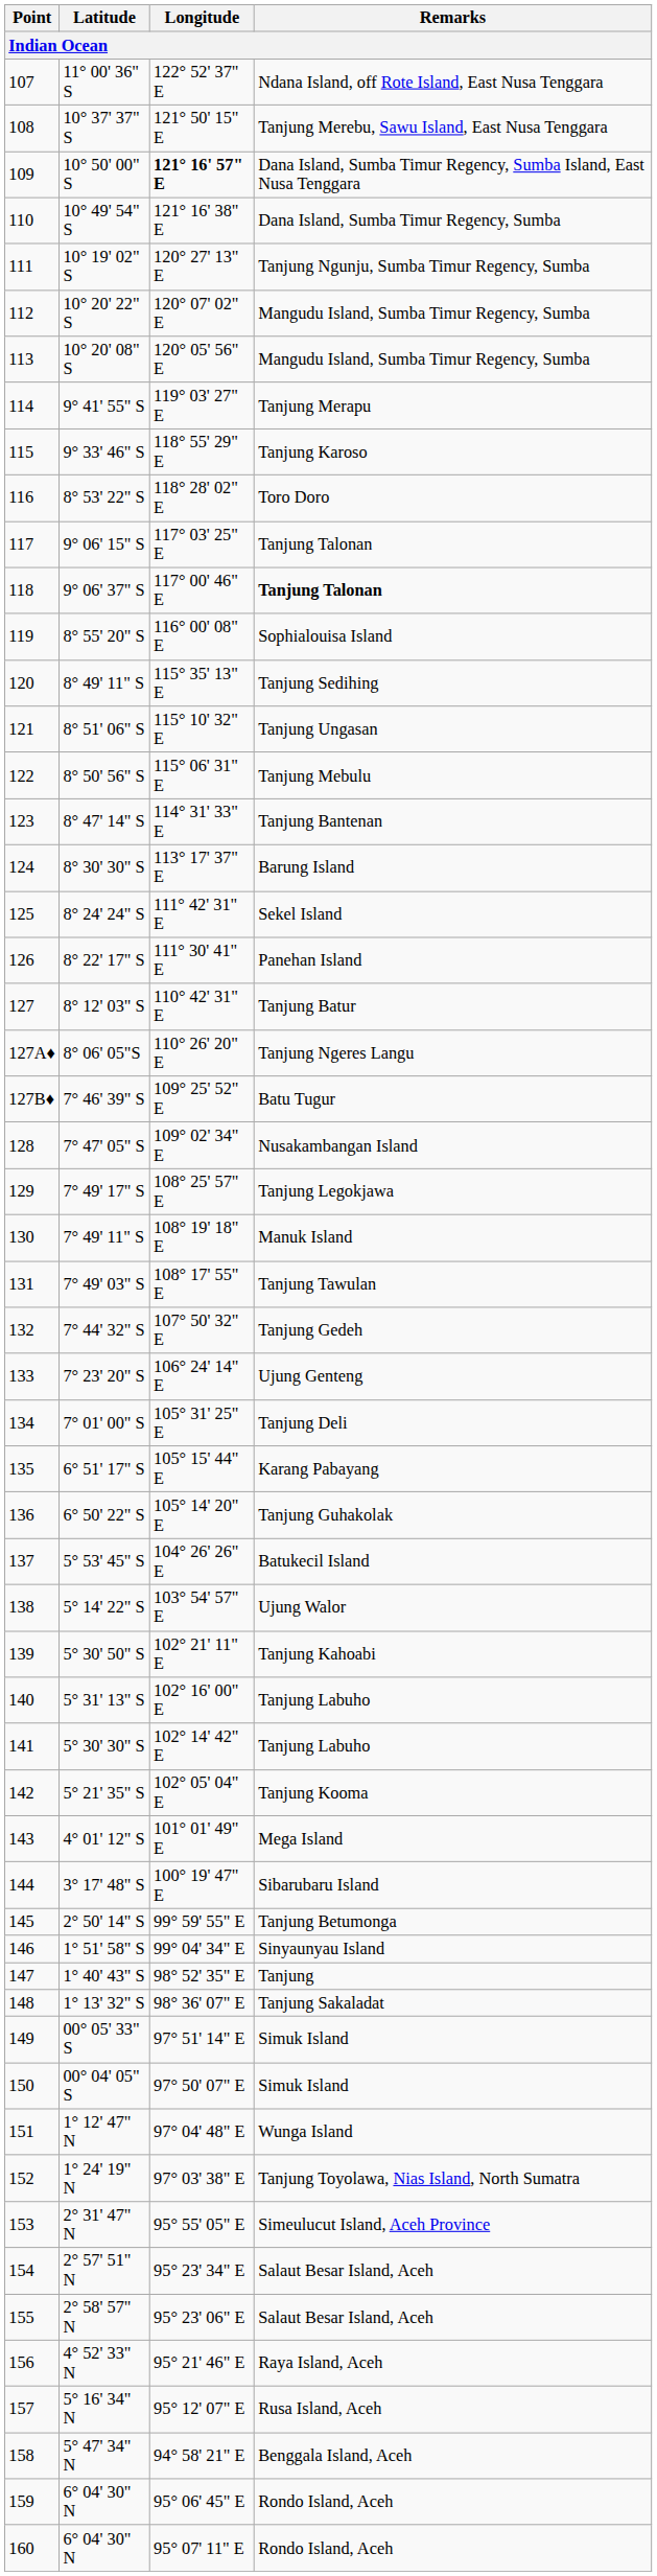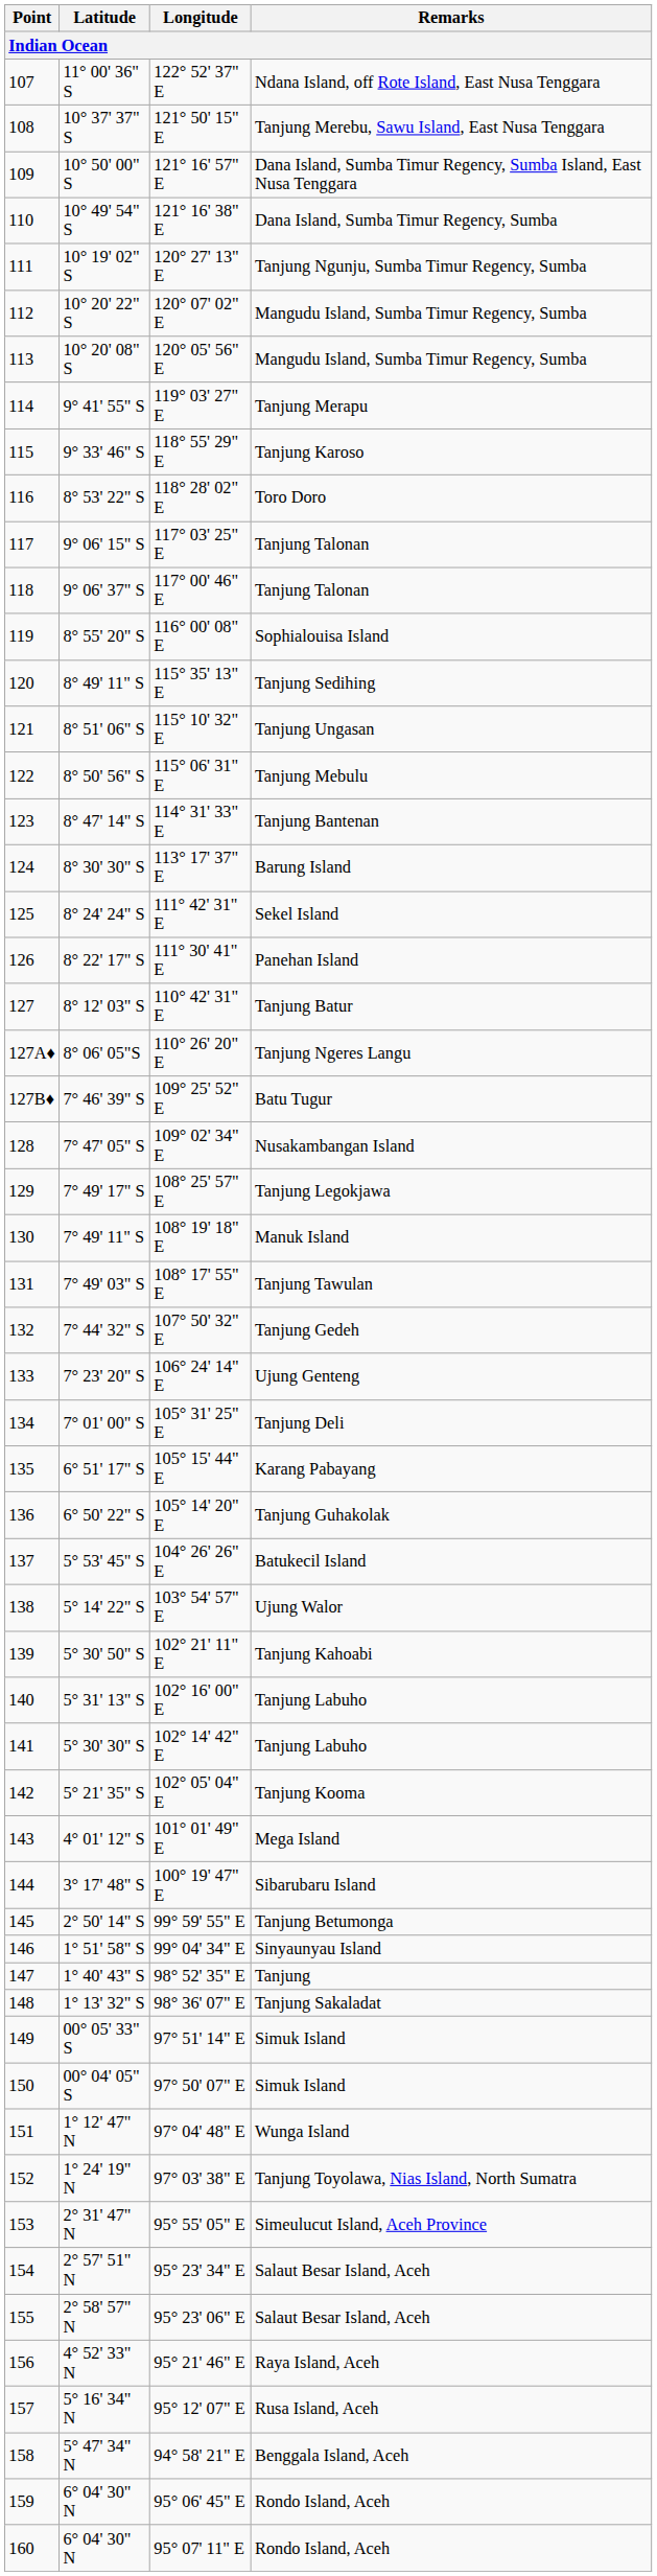 <table class="wikitable">
 <tr>
 <th>Point</th>
 <th>Latitude</th>
 <th>Longitude</th>
 <th>Remarks</th>
 </tr>
 <tr>
 <th colspan="5" style="text-align:left"><a href='#'>Indian Ocean</a></th>
 </tr>
 <tr>
 <td>107</td>
 <td>11° 00' 36" S</td>
 <td>122° 52' 37" E</td>
 <td>Ndana Island, off <a href='#'>Rote Island</a>, East Nusa Tenggara</td>
 </tr>
 <tr>
 <td>108</td>
 <td>10° 37' 37" S</td>
 <td>121° 50' 15" E</td>
 <td>Tanjung Merebu, <a href='#'>Sawu Island</a>, East Nusa Tenggara</td>
 </tr>
 <tr>
 <td>109</td>
 <td>10° 50' 00" S</td>
-<td><strong>121° 16' 57" E</strong></td>
+<td>121° 16' 57" E</td>
 <td>Dana Island, Sumba Timur Regency, <a href='#'>Sumba</a> Island, East Nusa Tenggara</td>
 </tr>
 <tr>
 <td>110</td>
 <td>10° 49' 54" S</td>
 <td>121° 16' 38" E</td>
 <td>Dana Island, Sumba Timur Regency, Sumba</td>
 </tr>
 <tr>
 <td>111</td>
 <td>10° 19' 02" S</td>
 <td>120° 27' 13" E</td>
 <td>Tanjung Ngunju, Sumba Timur Regency, Sumba</td>
 </tr>
 <tr>
 <td>112</td>
 <td>10° 20' 22" S</td>
 <td>120° 07' 02" E</td>
 <td>Mangudu Island, Sumba Timur Regency, Sumba</td>
 </tr>
 <tr>
 <td>113</td>
 <td>10° 20' 08" S</td>
 <td>120° 05' 56" E</td>
 <td>Mangudu Island, Sumba Timur Regency, Sumba</td>
 </tr>
 <tr>
 <td>114</td>
 <td>9° 41' 55" S</td>
 <td>119° 03' 27" E</td>
 <td>Tanjung Merapu</td>
 </tr>
 <tr>
 <td>115</td>
 <td>9° 33' 46" S</td>
 <td>118° 55' 29" E</td>
 <td>Tanjung Karoso</td>
 </tr>
 <tr>
 <td>116</td>
 <td>8° 53' 22" S</td>
 <td>118° 28' 02" E</td>
 <td>Toro Doro</td>
 </tr>
 <tr>
 <td>117</td>
 <td>9° 06' 15" S</td>
 <td>117° 03' 25" E</td>
 <td>Tanjung Talonan</td>
 </tr>
 <tr>
 <td>118</td>
 <td>9° 06' 37" S</td>
 <td>117° 00' 46" E</td>
-<td><strong>Tanjung Talonan</strong></td>
+<td>Tanjung Talonan</td>
 </tr>
 <tr>
 <td>119</td>
 <td>8° 55' 20" S</td>
 <td>116° 00' 08" E</td>
 <td>Sophialouisa Island</td>
 </tr>
 <tr>
 <td>120</td>
 <td>8° 49' 11" S</td>
 <td>115° 35' 13" E</td>
 <td>Tanjung Sedihing</td>
 </tr>
 <tr>
 <td>121</td>
 <td>8° 51' 06" S</td>
 <td>115° 10' 32" E</td>
 <td>Tanjung Ungasan</td>
 </tr>
 <tr>
 <td>122</td>
 <td>8° 50' 56" S</td>
 <td>115° 06' 31" E</td>
 <td>Tanjung Mebulu</td>
 </tr>
 <tr>
 <td>123</td>
 <td>8° 47' 14" S</td>
 <td>114° 31' 33" E</td>
 <td>Tanjung Bantenan</td>
 </tr>
 <tr>
 <td>124</td>
 <td>8° 30' 30" S</td>
 <td>113° 17' 37" E</td>
 <td>Barung Island</td>
 </tr>
 <tr>
 <td>125</td>
 <td>8° 24' 24" S</td>
 <td>111° 42' 31" E</td>
 <td>Sekel Island</td>
 </tr>
 <tr>
 <td>126</td>
 <td>8° 22' 17" S</td>
 <td>111° 30' 41" E</td>
 <td>Panehan Island</td>
 </tr>
 <tr>
 <td>127</td>
 <td>8° 12' 03" S</td>
 <td>110° 42' 31" E</td>
 <td>Tanjung Batur</td>
 </tr>
 <tr>
 <td>127A♦</td>
 <td>8° 06' 05"S</td>
 <td>110° 26' 20" E</td>
 <td>Tanjung Ngeres Langu</td>
 </tr>
 <tr>
 <td>127B♦</td>
 <td>7° 46' 39" S</td>
 <td>109° 25' 52" E</td>
 <td>Batu Tugur</td>
 </tr>
 <tr>
 <td>128</td>
 <td>7° 47' 05" S</td>
 <td>109° 02' 34" E</td>
 <td>Nusakambangan Island</td>
 </tr>
 <tr>
 <td>129</td>
 <td>7° 49' 17" S</td>
 <td>108° 25' 57" E</td>
 <td>Tanjung Legokjawa</td>
 </tr>
 <tr>
 <td>130</td>
 <td>7° 49' 11" S</td>
 <td>108° 19' 18" E</td>
 <td>Manuk Island</td>
 </tr>
 <tr>
 <td>131</td>
 <td>7° 49' 03" S</td>
 <td>108° 17' 55" E</td>
 <td>Tanjung Tawulan</td>
 </tr>
 <tr>
 <td>132</td>
 <td>7° 44' 32" S</td>
 <td>107° 50' 32" E</td>
 <td>Tanjung Gedeh</td>
 </tr>
 <tr>
 <td>133</td>
 <td>7° 23' 20" S</td>
 <td>106° 24' 14" E</td>
 <td>Ujung Genteng</td>
 </tr>
 <tr>
 <td>134</td>
 <td>7° 01' 00" S</td>
 <td>105° 31' 25" E</td>
 <td>Tanjung Deli</td>
 </tr>
 <tr>
 <td>135</td>
 <td>6° 51' 17" S</td>
 <td>105° 15' 44" E</td>
 <td>Karang Pabayang</td>
 </tr>
 <tr>
 <td>136</td>
 <td>6° 50' 22" S</td>
 <td>105° 14' 20" E</td>
 <td>Tanjung Guhakolak</td>
 </tr>
 <tr>
 <td>137</td>
 <td>5° 53' 45" S</td>
 <td>104° 26' 26" E</td>
 <td>Batukecil Island</td>
 </tr>
 <tr>
 <td>138</td>
 <td>5° 14' 22" S</td>
 <td>103° 54' 57" E</td>
 <td>Ujung Walor</td>
 </tr>
 <tr>
 <td>139</td>
 <td>5° 30' 50" S</td>
 <td>102° 21' 11" E</td>
 <td>Tanjung Kahoabi</td>
 </tr>
 <tr>
 <td>140</td>
 <td>5° 31' 13" S</td>
 <td>102° 16' 00" E</td>
 <td>Tanjung Labuho</td>
 </tr>
 <tr>
 <td>141</td>
 <td>5° 30' 30" S</td>
 <td>102° 14' 42" E</td>
 <td>Tanjung Labuho</td>
 </tr>
 <tr>
 <td>142</td>
 <td>5° 21' 35" S</td>
 <td>102° 05' 04" E</td>
 <td>Tanjung Kooma</td>
 </tr>
 <tr>
 <td>143</td>
 <td>4° 01' 12" S</td>
 <td>101° 01' 49" E</td>
 <td>Mega Island</td>
 </tr>
 <tr>
 <td>144</td>
 <td>3° 17' 48" S</td>
 <td>100° 19' 47" E</td>
 <td>Sibarubaru Island</td>
 </tr>
 <tr>
 <td>145</td>
 <td>2° 50' 14" S</td>
 <td>99° 59' 55" E</td>
 <td>Tanjung Betumonga</td>
 </tr>
 <tr>
 <td>146</td>
 <td>1° 51' 58" S</td>
 <td>99° 04' 34" E</td>
 <td>Sinyaunyau Island</td>
 </tr>
 <tr>
 <td>147</td>
 <td>1° 40' 43" S</td>
 <td>98° 52' 35" E</td>
 <td>Tanjung </td>
 </tr>
 <tr>
 <td>148</td>
 <td>1° 13' 32" S</td>
 <td>98° 36' 07" E</td>
 <td>Tanjung Sakaladat</td>
 </tr>
 <tr>
 <td>149</td>
 <td>00° 05' 33" S</td>
 <td>97° 51' 14" E</td>
 <td>Simuk Island</td>
 </tr>
 <tr>
 <td>150</td>
 <td>00° 04' 05" S</td>
 <td>97° 50' 07" E</td>
 <td>Simuk Island</td>
 </tr>
 <tr>
 <td>151</td>
 <td>1° 12' 47" N</td>
 <td>97° 04' 48" E</td>
 <td>Wunga Island</td>
 </tr>
 <tr>
 <td>152</td>
 <td>1° 24' 19" N</td>
 <td>97° 03' 38" E</td>
 <td>Tanjung Toyolawa, <a href='#'>Nias Island</a>, North Sumatra</td>
 </tr>
 <tr>
 <td>153</td>
 <td>2° 31' 47" N</td>
 <td>95° 55' 05" E</td>
 <td>Simeulucut Island, <a href='#'>Aceh Province</a></td>
 </tr>
 <tr>
 <td>154</td>
 <td>2° 57' 51" N</td>
 <td>95° 23' 34" E</td>
 <td>Salaut Besar Island, Aceh</td>
 </tr>
 <tr>
 <td>155</td>
 <td>2° 58' 57" N</td>
 <td>95° 23' 06" E</td>
 <td>Salaut Besar Island, Aceh</td>
 </tr>
 <tr>
 <td>156</td>
 <td>4° 52' 33" N</td>
 <td>95° 21' 46" E</td>
 <td>Raya Island, Aceh</td>
 </tr>
 <tr>
 <td>157</td>
 <td>5° 16' 34" N</td>
 <td>95° 12' 07" E</td>
 <td>Rusa Island, Aceh</td>
 </tr>
 <tr>
 <td>158</td>
 <td>5° 47' 34" N</td>
 <td>94° 58' 21" E</td>
 <td>Benggala Island, Aceh</td>
 </tr>
 <tr>
 <td>159</td>
 <td>6° 04' 30" N</td>
 <td>95° 06' 45" E</td>
 <td>Rondo Island, Aceh</td>
 </tr>
 <tr>
 <td>160</td>
 <td>6° 04' 30" N</td>
 <td>95° 07' 11" E</td>
 <td>Rondo Island, Aceh</td>
 </tr>
 </table>
